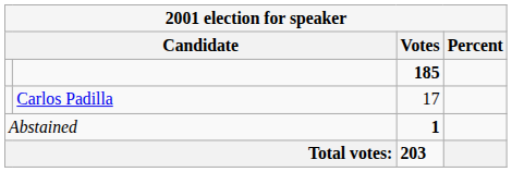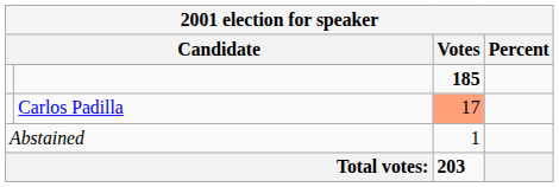 <table class="wikitable">
 <tr>
 <th colspan=4 style="background:#f5f5f5">2001 election for speaker </th>
 </tr>
 <tr>
 <th colspan=2>Candidate</th>
 <th>Votes</th>
 <th>Percent</th>
 </tr>
 <tr>
 <td style="background-color: "></td>
 <td style="width: 22em;"></td>
 <td style="text-align:right"><strong>185</strong></td>
 <td style="text-align:right"><strong></strong></td>
 </tr>
 <tr>
 <td style="background-color: "></td>
 <td {{nowrap><a href='#'>Carlos Padilla</a> </td>
-<td style="text-align:right">17</td>
+<td style="background: lightsalmon; text-align:right">17</td>
 <td style="text-align:right"></td>
 </tr>
 <tr>
 <td colspan=2><em>Abstained</em></td>
-<td style="text-align:right"><strong>1</strong></td>
+<td style="text-align:right">1</td>
 <td style="text-align:right"></td>
 </tr>
 <tr>
 <th colspan=2 style="text-align:right">Total votes:</th>
 <td><strong>203</strong></td>
 <th></th>
 </tr>
 </table>
